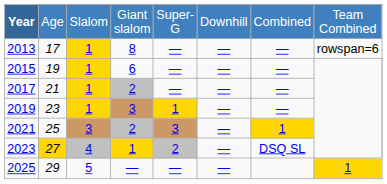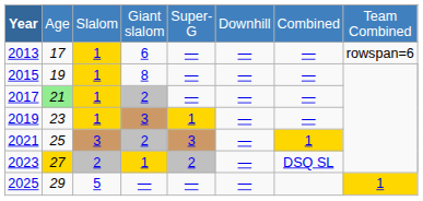 <table class="wikitable"  style="font-size:95%; text-align:center; border:gray solid 1px; width:40%;">
 <tr style="background:#369; color:white;">
 <td rowspan="2" style="width:4%;"><strong>Year</strong></td>
 </tr>
 <tr style="background:#4180be; color:white;">
 <td style="width:3%;">Age</td>
 <td style="width:5%;">Slalom</td>
 <td style="width:5%;">Giant<br>slalom</td>
 <td style="width:5%;">Super-G</td>
 <td style="width:5%;">Downhill</td>
 <td style="width:5%;">Combined</td>
 <td style="width:5%;">Team Combined</td>
 </tr>
 <tr>
 <td><a href='#'>2013</a></td>
 <td><em>17</em></td>
 <td style="background:gold;"><a href='#'>1</a></td>
-<td><a href='#'>8</a></td>
+<td><a href='#'>6</a></td>
 <td><a href='#'>—</a></td>
 <td><a href='#'>—</a></td>
 <td><a href='#'>—</a></td>
 <td>rowspan=6</td>
 </tr>
 <tr>
 <td><a href='#'>2015</a></td>
 <td><em>19</em></td>
 <td style="background:gold;"><a href='#'>1</a></td>
-<td><a href='#'>6</a></td>
+<td><a href='#'>8</a></td>
 <td><a href='#'>—</a></td>
 <td><a href='#'>—</a></td>
 <td><a href='#'>—</a></td>
 </tr>
 <tr>
 <td><a href='#'>2017</a></td>
-<td><em>21</em></td>
+<td style="background: lightgreen;"><em>21</em></td>
 <td style="background:gold;"><a href='#'>1</a></td>
 <td style="background:silver;"><a href='#'>2</a></td>
 <td><a href='#'>—</a></td>
 <td><a href='#'>—</a></td>
 <td><a href='#'>—</a></td>
 </tr>
 <tr>
 <td><a href='#'>2019</a></td>
 <td><em>23</em></td>
 <td style="background:gold;"><a href='#'>1</a></td>
 <td style="background:#c96;"><a href='#'>3</a></td>
 <td style="background:gold;"><a href='#'>1</a></td>
 <td><a href='#'>—</a></td>
 <td><a href='#'>—</a></td>
 </tr>
 <tr>
 <td><a href='#'>2021</a></td>
 <td><em>25</em></td>
 <td style="background:#c96;"><a href='#'>3</a></td>
 <td style="background:silver;"><a href='#'>2</a></td>
 <td style="background:#c96;"><a href='#'>3</a></td>
 <td><a href='#'>—</a></td>
 <td style="background:gold;"><a href='#'>1</a></td>
 </tr>
 <tr>
 <td><a href='#'>2023</a></td>
 <td style="background: gold;"><em>27</em></td>
-<td style="background:silver;"><a href='#'>4</a></td>
+<td style="background:silver;"><a href='#'>2</a></td>
 <td style="background:gold;"><a href='#'>1</a></td>
 <td style="background:silver;"><a href='#'>2</a></td>
 <td><a href='#'>—</a></td>
 <td><a href='#'>DSQ SL</a></td>
 </tr>
 <tr>
 <td><a href='#'>2025</a></td>
 <td><em>29</em></td>
 <td><a href='#'>5</a></td>
 <td><a href='#'>—</a></td>
 <td><a href='#'>—</a></td>
 <td><a href='#'>—</a></td>
 <td></td>
 <td style="background:gold;"><a href='#'>1</a></td>
 </tr>
 </table>
